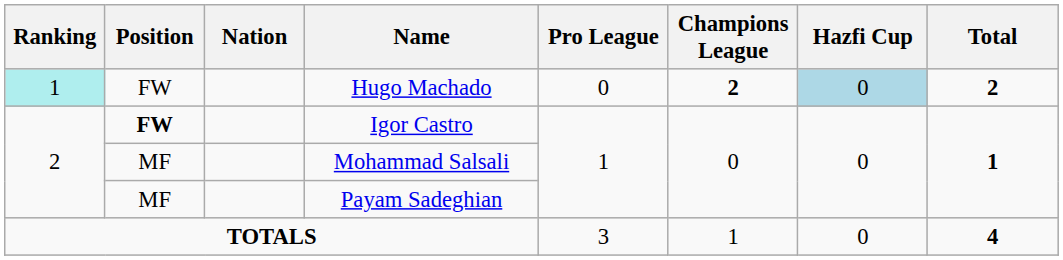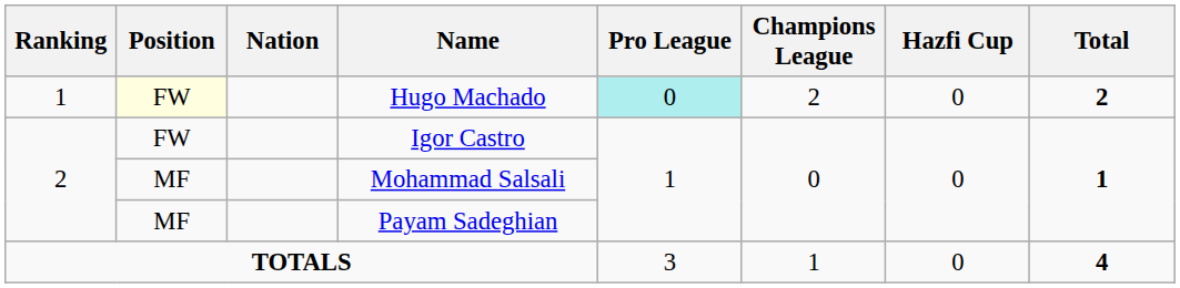 <table class="wikitable" style="font-size: 95%; text-align: center;">
 <tr>
 <th width=60>Ranking</th>
 <th width=60>Position</th>
 <th width=60>Nation</th>
 <th width=150>Name</th>
 <th width=80>Pro League</th>
 <th width=80>Champions League</th>
 <th width=80>Hazfi Cup</th>
 <th width=80>Total</th>
 </tr>
 <tr>
-<td style="background: paleturquoise;">1</td>
-<td>FW</td>
+<td>1</td>
+<td style="background: lightyellow;">FW</td>
 <td></td>
 <td><a href='#'>Hugo Machado</a></td>
+<td style="background: paleturquoise;">0</td>
+<td>2</td>
 <td>0</td>
-<td><strong>2</strong></td>
-<td style="background: lightblue;">0</td>
 <td><strong>2</strong></td>
 </tr>
 <tr>
 <td rowspan="3">2</td>
-<td><strong>FW</strong></td>
+<td>FW</td>
 <td></td>
 <td><a href='#'>Igor Castro</a></td>
 <td rowspan="3">1</td>
 <td rowspan="3">0</td>
 <td rowspan="3">0</td>
 <td rowspan="3"><strong>1</strong></td>
 </tr>
 <tr>
 <td>MF</td>
 <td></td>
 <td><a href='#'>Mohammad Salsali</a></td>
 </tr>
 <tr>
 <td>MF</td>
 <td></td>
 <td><a href='#'>Payam Sadeghian</a></td>
 </tr>
 <tr>
 <td colspan="4"><strong>TOTALS</strong></td>
 <td>3</td>
 <td>1</td>
 <td>0</td>
 <td><strong>4</strong></td>
 </tr>
 </table>
